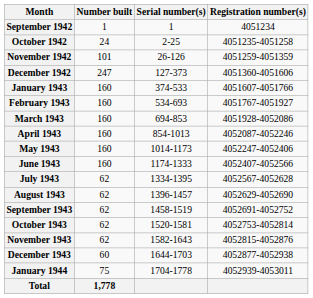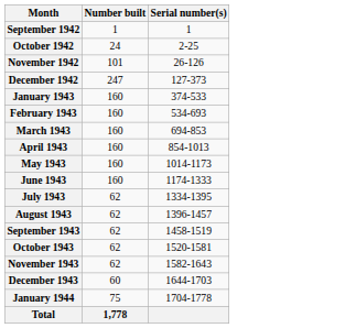 <table class="wikitable">
 <tr style="vertical-align:top; text-align:center;">
 <th>Month</th>
 <th>Number built</th>
 <th>Serial number(s)</th>
-<th>Registration number(s)</th>
 </tr>
 <tr style="vertical-align:top; text-align:center;">
 <th>September 1942</th>
 <td>1</td>
 <td>1</td>
-<td>4051234</td>
 </tr>
 <tr style="vertical-align:top; text-align:center;">
 <th>October 1942</th>
 <td>24</td>
 <td>2-25</td>
-<td>4051235-4051258</td>
 </tr>
 <tr style="vertical-align:top; text-align:center;">
 <th>November 1942</th>
 <td>101</td>
 <td>26-126</td>
-<td>4051259-4051359</td>
 </tr>
 <tr style="vertical-align:top; text-align:center;">
 <th>December 1942</th>
 <td>247</td>
 <td>127-373</td>
-<td>4051360-4051606</td>
 </tr>
 <tr style="vertical-align:top; text-align:center;">
 <th>January 1943</th>
 <td>160</td>
 <td>374-533</td>
-<td>4051607-4051766</td>
 </tr>
 <tr style="vertical-align:top; text-align:center;">
 <th>February 1943</th>
 <td>160</td>
 <td>534-693</td>
-<td>4051767-4051927</td>
 </tr>
 <tr style="vertical-align:top; text-align:center;">
 <th>March 1943</th>
 <td>160</td>
 <td>694-853</td>
-<td>4051928-4052086</td>
 </tr>
 <tr style="vertical-align:top; text-align:center;">
 <th>April 1943</th>
 <td>160</td>
 <td>854-1013</td>
-<td>4052087-4052246</td>
 </tr>
 <tr style="vertical-align:top; text-align:center;">
 <th>May 1943</th>
 <td>160</td>
 <td>1014-1173</td>
-<td>4052247-4052406</td>
 </tr>
 <tr style="vertical-align:top; text-align:center;">
 <th>June 1943</th>
 <td>160</td>
 <td>1174-1333</td>
-<td>4052407-4052566</td>
 </tr>
 <tr style="vertical-align:top; text-align:center;">
 <th>July 1943</th>
 <td>62</td>
 <td>1334-1395</td>
-<td>4052567-4052628</td>
 </tr>
 <tr style="vertical-align:top; text-align:center;">
 <th>August 1943</th>
 <td>62</td>
 <td>1396-1457</td>
-<td>4052629-4052690</td>
 </tr>
 <tr style="vertical-align:top; text-align:center;">
 <th>September 1943</th>
 <td>62</td>
 <td>1458-1519</td>
-<td>4052691-4052752</td>
 </tr>
 <tr style="vertical-align:top; text-align:center;">
 <th>October 1943</th>
 <td>62</td>
 <td>1520-1581</td>
-<td>4052753-4052814</td>
 </tr>
 <tr style="vertical-align:top; text-align:center;">
 <th>November 1943</th>
 <td>62</td>
 <td>1582-1643</td>
-<td>4052815-4052876</td>
 </tr>
 <tr style="vertical-align:top; text-align:center;">
 <th>December 1943</th>
 <td>60</td>
 <td>1644-1703</td>
-<td>4052877-4052938</td>
 </tr>
 <tr style="vertical-align:top; text-align:center;">
 <th>January 1944</th>
 <td>75</td>
 <td>1704-1778</td>
-<td>4052939-4053011</td>
 </tr>
 <tr style="vertical-align:top; text-align:center;">
 <th>Total</th>
 <th>1,778</th>
 <th></th>
-<th></th>
 </tr>
 </table>
